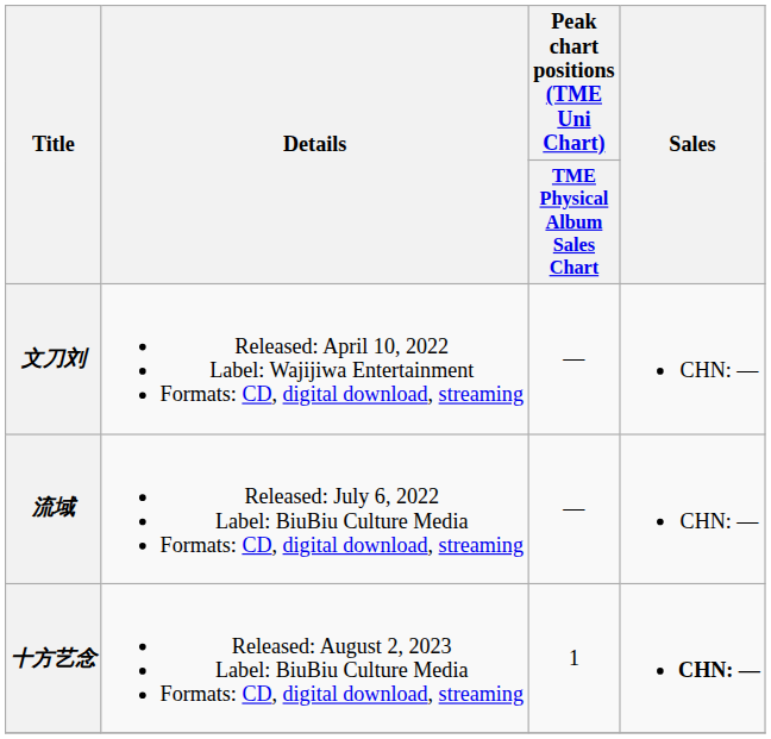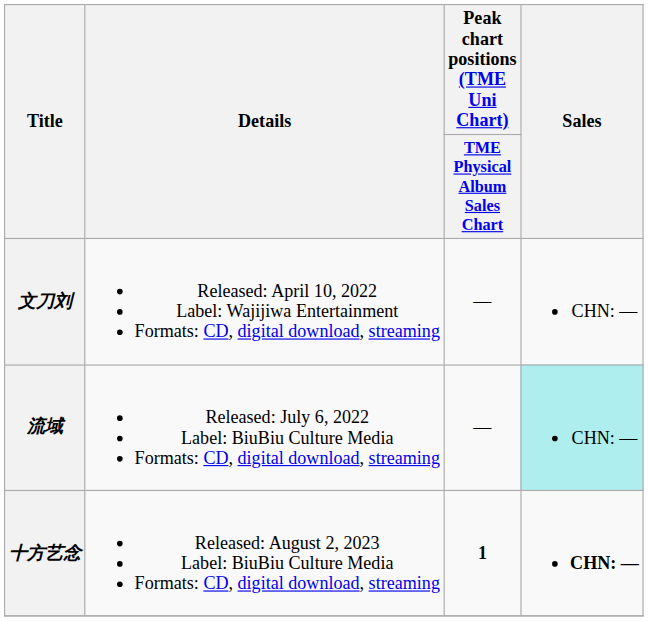 <table class="wikitable plainrowheaders" style="text-align:center">
 <tr>
 <th scope="col" rowspan="2">Title</th>
 <th scope="col" rowspan="2">Details</th>
 <th scope="col">Peak chart positions <br><a href='#'>(TME Uni Chart)</a></th>
 <th scope="col" rowspan="2">Sales</th>
 </tr>
 <tr>
 <th scope="col" style="font-size:90%; width:2.5em"><a href='#'>TME Physical Album Sales Chart</a></th>
 </tr>
 <tr>
 <th scope="row"><em>文刀刘</em></th>
 <td><br><ul><li>Released: April 10, 2022</li><li>Label: Wajijiwa Entertainment</li><li>Formats: <a href='#'>CD</a>, <a href='#'>digital download</a>, <a href='#'>streaming</a></li></ul></td>
 <td>—</td>
 <td><br><ul><li>CHN: —</li></ul></td>
 </tr>
 <tr>
 <th scope="row"><em>流域</em></th>
 <td><br><ul><li>Released: July 6, 2022</li><li>Label: BiuBiu Culture Media</li><li>Formats: <a href='#'>CD</a>, <a href='#'>digital download</a>, <a href='#'>streaming</a></li></ul></td>
 <td>—</td>
-<td><br><ul><li>CHN: —</li></ul></td>
+<td style="background: paleturquoise;"><br><ul><li>CHN: —</li></ul></td>
 </tr>
 <tr>
 <th scope="row"><em>十方艺念</em></th>
 <td><br><ul><li>Released: August 2, 2023</li><li>Label: BiuBiu Culture Media</li><li>Formats: <a href='#'>CD</a>, <a href='#'>digital download</a>, <a href='#'>streaming</a></li></ul></td>
-<td>1</td>
+<td><strong>1</strong></td>
 <td><strong><br><ul><li>CHN: —</li></ul></strong></td>
 </tr>
 <tr>
 </tr>
 </table>
